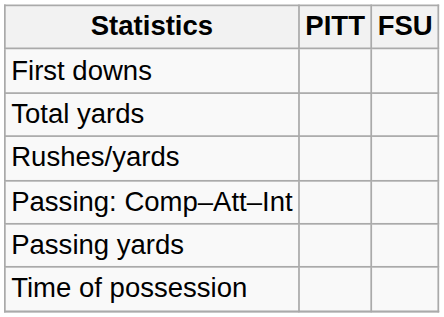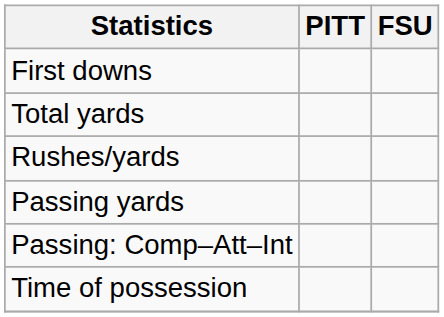 <table class="wikitable" style="float: left;">
 <tr>
 <th>Statistics</th>
 <th>PITT</th>
 <th>FSU</th>
 </tr>
 <tr>
 <td>First downs</td>
 <td></td>
 <td></td>
 </tr>
 <tr>
 <td>Total yards</td>
 <td></td>
 <td></td>
 </tr>
 <tr>
 <td>Rushes/yards</td>
 <td></td>
 <td></td>
 </tr>
 <tr>
-<td>Passing: Comp–Att–Int</td>
+<td>Passing yards</td>
 <td></td>
 <td></td>
 </tr>
 <tr>
-<td>Passing yards</td>
+<td>Passing: Comp–Att–Int</td>
 <td></td>
 <td></td>
 </tr>
 <tr>
 <td>Time of possession</td>
 <td></td>
 <td></td>
 </tr>
 <tr>
 </tr>
 </table>
